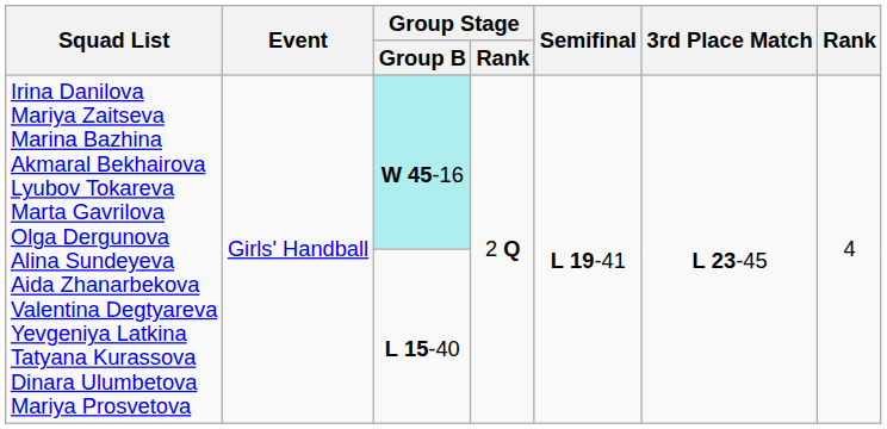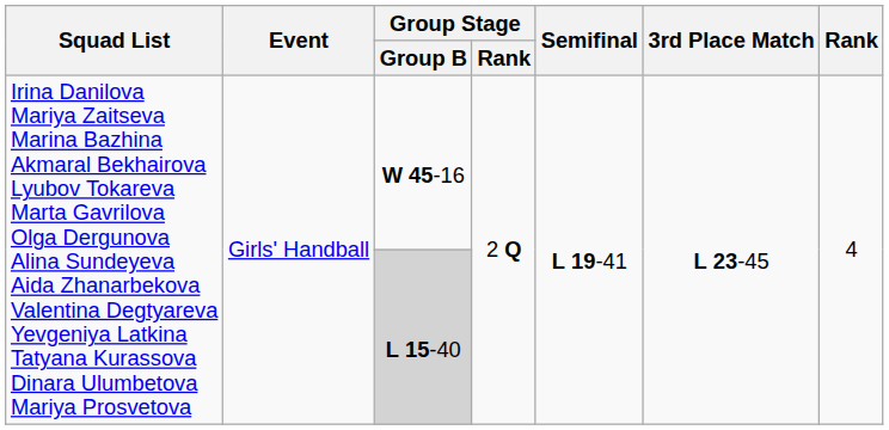 <table class=wikitable style="font-size:90%">
 <tr>
 <th rowspan=2>Squad List</th>
 <th rowspan=2>Event</th>
 <th colspan=2>Group Stage</th>
 <th rowspan=2>Semifinal</th>
 <th rowspan=2>3rd Place Match</th>
 <th rowspan=2>Rank</th>
 </tr>
 <tr>
 <th>Group B</th>
 <th>Rank</th>
 </tr>
 <tr>
 <td rowspan=2><a href='#'>Irina Danilova</a><br><a href='#'>Mariya Zaitseva</a><br><a href='#'>Marina Bazhina</a><br><a href='#'>Akmaral Bekhairova</a><br><a href='#'>Lyubov Tokareva</a><br><a href='#'>Marta Gavrilova</a><br><a href='#'>Olga Dergunova</a><br><a href='#'>Alina Sundeyeva</a><br><a href='#'>Aida Zhanarbekova</a><br><a href='#'>Valentina Degtyareva</a><br><a href='#'>Yevgeniya Latkina</a><br><a href='#'>Tatyana Kurassova</a><br><a href='#'>Dinara Ulumbetova</a><br><a href='#'>Mariya Prosvetova</a></td>
 <td rowspan=2><a href='#'>Girls' Handball</a></td>
-<td align=center style="background: paleturquoise;"><br> <strong>W</strong> <strong>45</strong>-16</td>
+<td align=center><br> <strong>W</strong> <strong>45</strong>-16</td>
 <td rowspan=2 align=center>2 <strong>Q</strong></td>
 <td rowspan=2 align=center><br> <strong>L</strong> <strong>19</strong>-41</td>
 <td rowspan=2 align=center><br> <strong>L</strong> <strong>23</strong>-45</td>
 <td rowspan=2 align=center>4</td>
 </tr>
 <tr>
-<td align=center><br> <strong>L</strong> <strong>15</strong>-40</td>
+<td align=center style="background: lightgrey;"><br> <strong>L</strong> <strong>15</strong>-40</td>
 </tr>
 </table>
